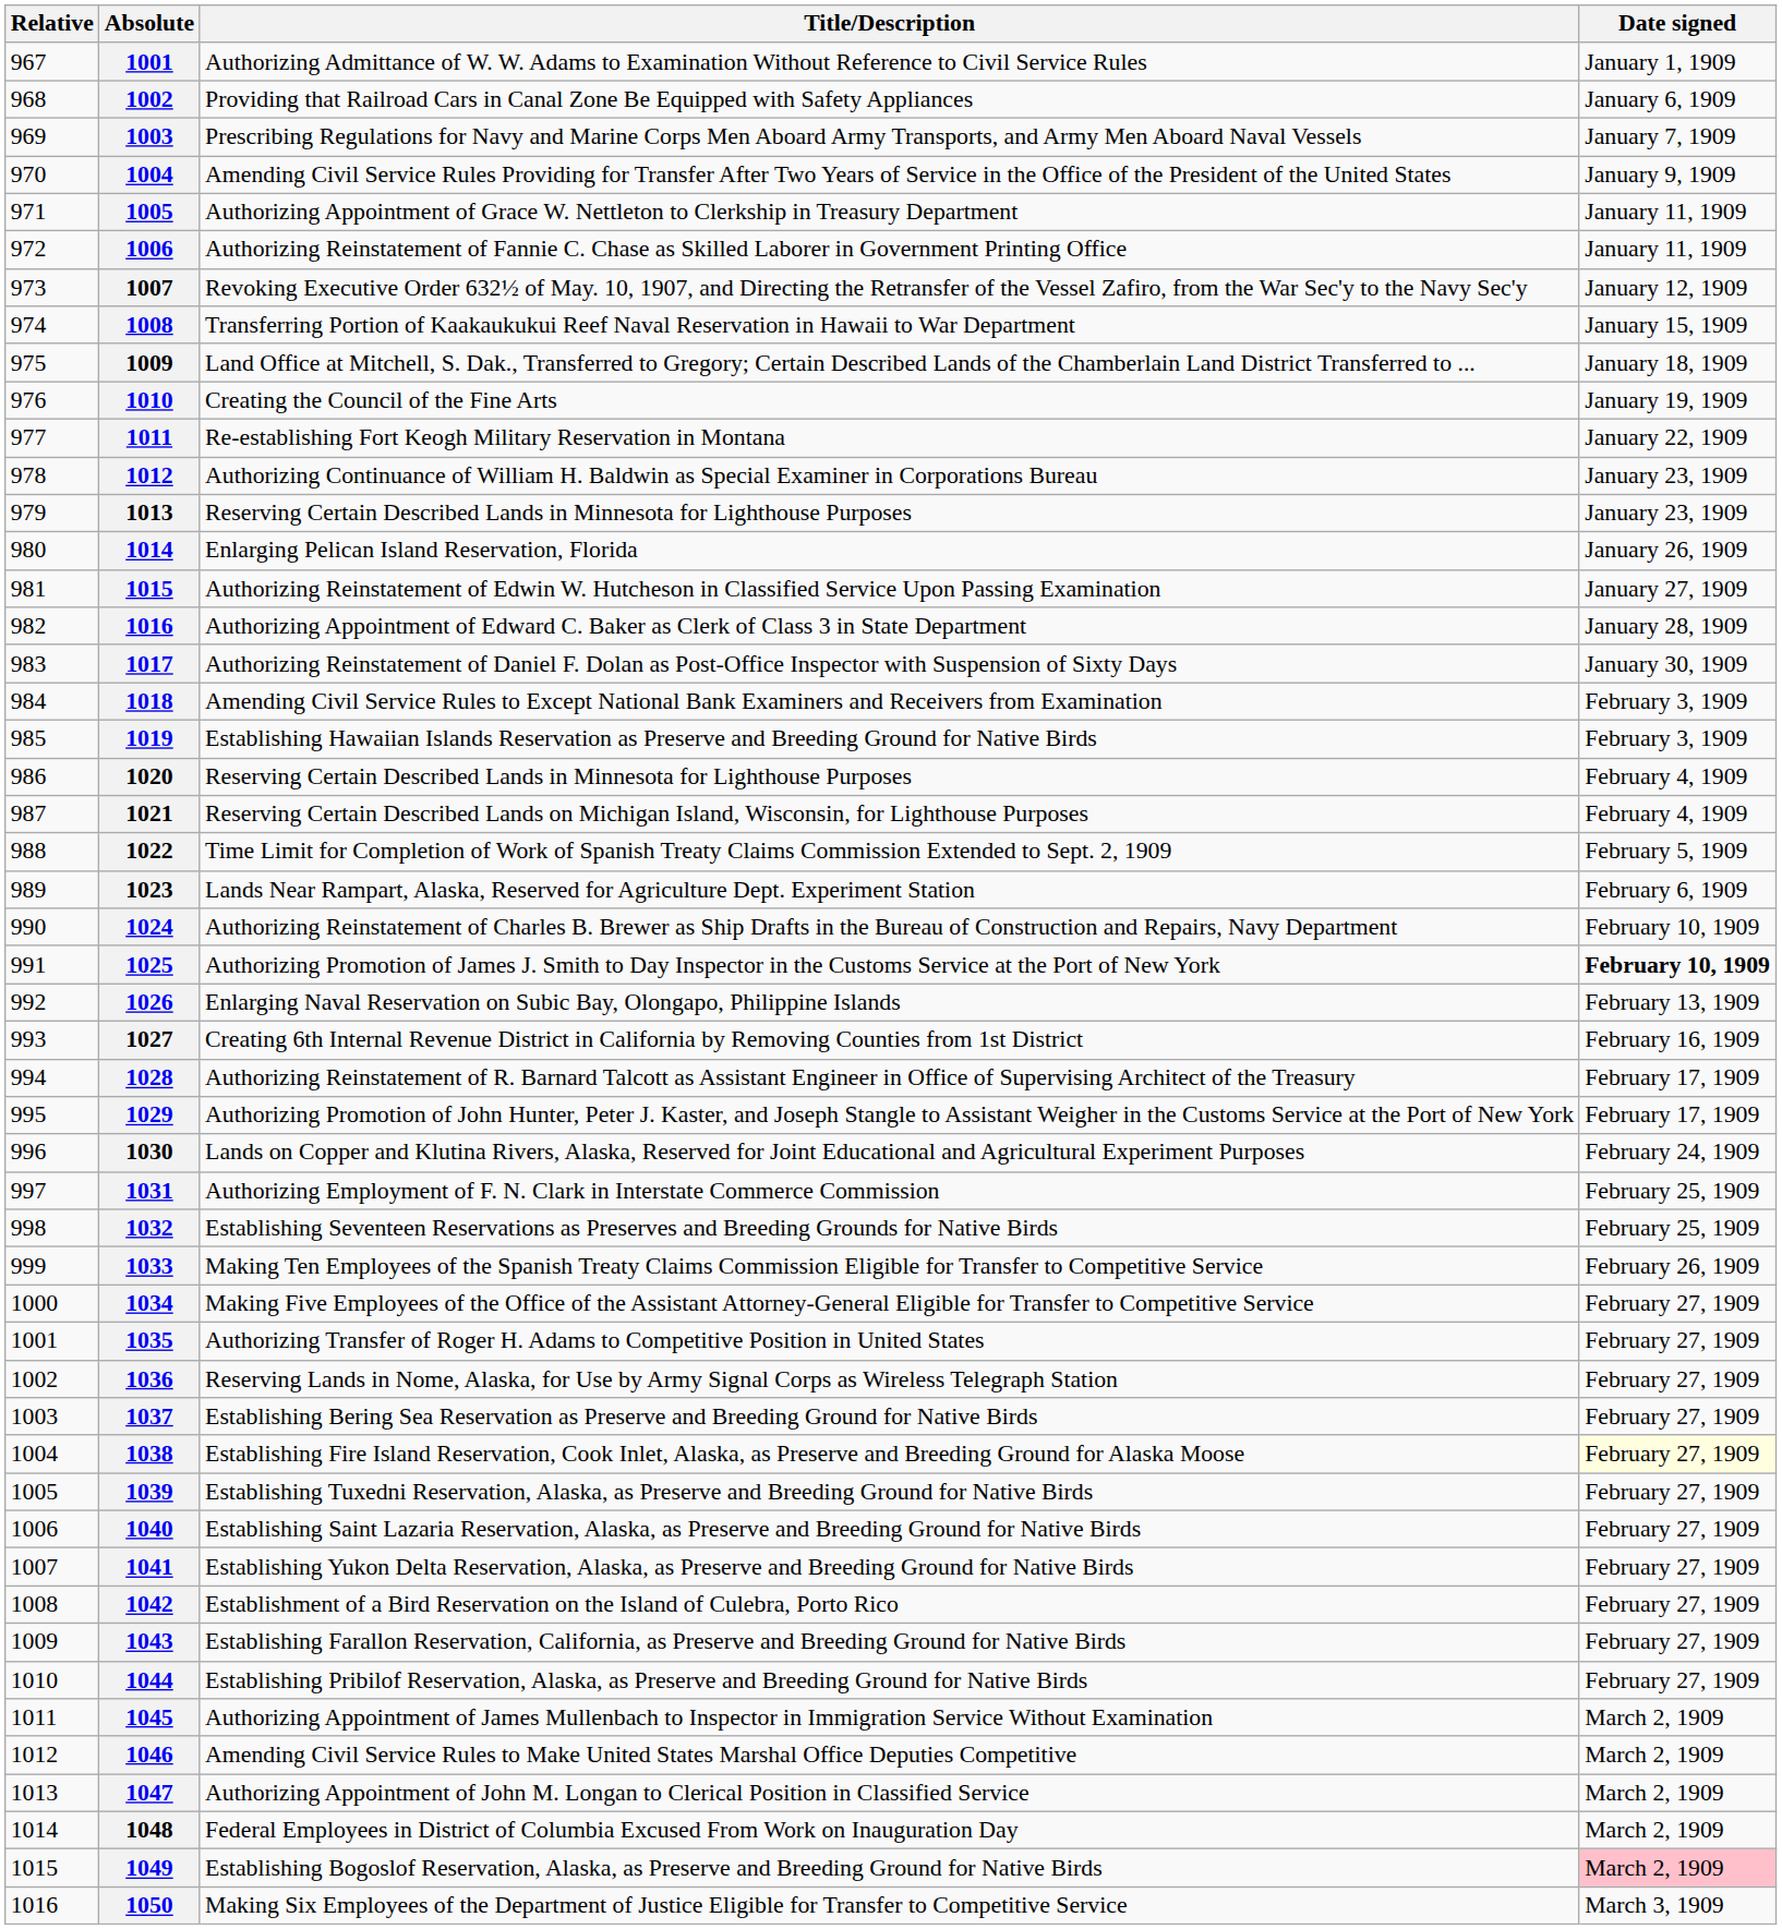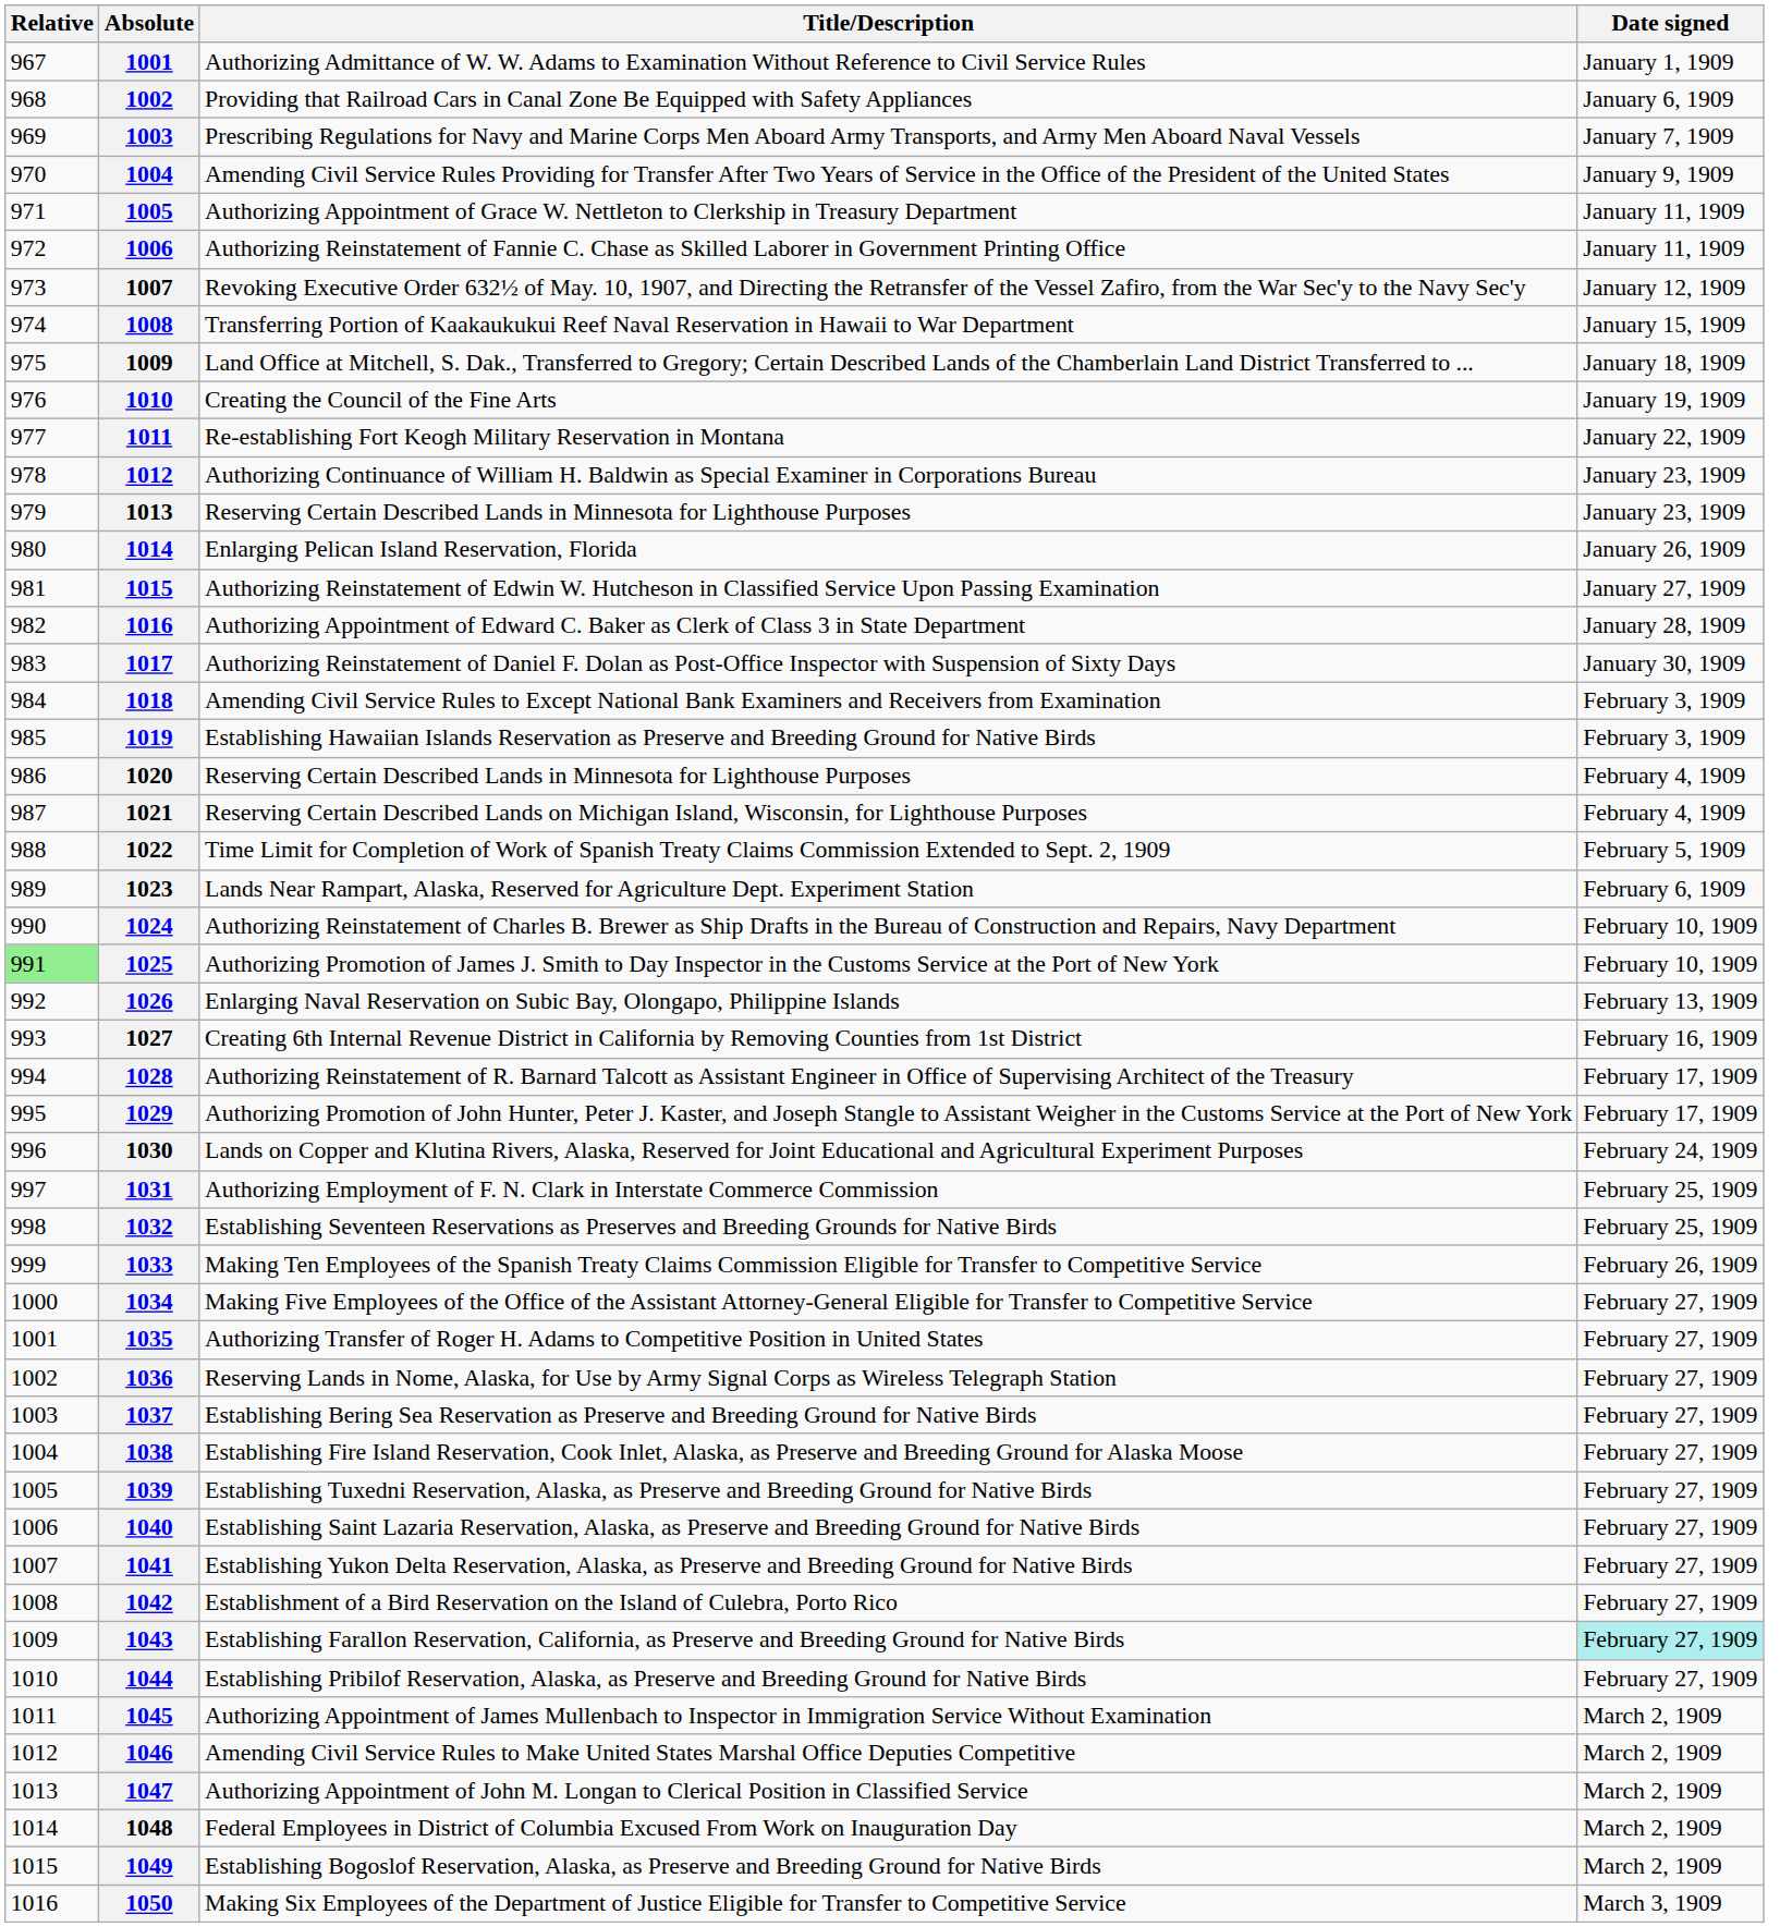 <table class="wikitable">
 <tr>
 <th>Relative </th>
 <th>Absolute </th>
 <th>Title/Description</th>
 <th>Date signed</th>
 </tr>
 <tr>
 <td>967</td>
 <th><a href='#'>1001</a></th>
 <td>Authorizing Admittance of W. W. Adams to Examination Without Reference to Civil Service Rules</td>
 <td>January 1, 1909</td>
 </tr>
 <tr>
 <td>968</td>
 <th><a href='#'>1002</a></th>
 <td>Providing that Railroad Cars in Canal Zone Be Equipped with Safety Appliances</td>
 <td>January 6, 1909</td>
 </tr>
 <tr>
 <td>969</td>
 <th><a href='#'>1003</a></th>
 <td>Prescribing Regulations for Navy and Marine Corps Men Aboard Army Transports, and Army Men Aboard Naval Vessels</td>
 <td>January 7, 1909</td>
 </tr>
 <tr>
 <td>970</td>
 <th><a href='#'>1004</a></th>
 <td>Amending Civil Service Rules Providing for Transfer After Two Years of Service in the Office of the President of the United States</td>
 <td>January 9, 1909</td>
 </tr>
 <tr>
 <td>971</td>
 <th><a href='#'>1005</a></th>
 <td>Authorizing Appointment of Grace W. Nettleton to Clerkship in Treasury Department</td>
 <td>January 11, 1909</td>
 </tr>
 <tr>
 <td>972</td>
 <th><a href='#'>1006</a></th>
 <td>Authorizing Reinstatement of Fannie C. Chase as Skilled Laborer in Government Printing Office</td>
 <td>January 11, 1909</td>
 </tr>
 <tr>
 <td>973</td>
 <th>1007</th>
 <td>Revoking Executive Order 632½ of May. 10, 1907, and Directing the Retransfer of the Vessel Zafiro, from the War Sec'y to the Navy Sec'y</td>
 <td>January 12, 1909</td>
 </tr>
 <tr>
 <td>974</td>
 <th><a href='#'>1008</a></th>
 <td>Transferring Portion of Kaakaukukui Reef Naval Reservation in Hawaii to War Department</td>
 <td>January 15, 1909</td>
 </tr>
 <tr>
 <td>975</td>
 <th>1009</th>
 <td>Land Office at Mitchell, S. Dak., Transferred to Gregory; Certain Described Lands of the Chamberlain Land District Transferred to ...</td>
 <td>January 18, 1909</td>
 </tr>
 <tr>
 <td>976</td>
 <th><a href='#'>1010</a></th>
 <td>Creating the Council of the Fine Arts</td>
 <td>January 19, 1909</td>
 </tr>
 <tr>
 <td>977</td>
 <th><a href='#'>1011</a></th>
 <td>Re-establishing Fort Keogh Military Reservation in Montana</td>
 <td>January 22, 1909</td>
 </tr>
 <tr>
 <td>978</td>
 <th><a href='#'>1012</a></th>
 <td>Authorizing Continuance of William H. Baldwin as Special Examiner in Corporations Bureau</td>
 <td>January 23, 1909</td>
 </tr>
 <tr>
 <td>979</td>
 <th>1013</th>
 <td>Reserving Certain Described Lands in Minnesota for Lighthouse Purposes</td>
 <td>January 23, 1909</td>
 </tr>
 <tr>
 <td>980</td>
 <th><a href='#'>1014</a></th>
 <td>Enlarging Pelican Island Reservation, Florida</td>
 <td>January 26, 1909</td>
 </tr>
 <tr>
 <td>981</td>
 <th><a href='#'>1015</a></th>
 <td>Authorizing Reinstatement of Edwin W. Hutcheson in Classified Service Upon Passing Examination</td>
 <td>January 27, 1909</td>
 </tr>
 <tr>
 <td>982</td>
 <th><a href='#'>1016</a></th>
 <td>Authorizing Appointment of Edward C. Baker as Clerk of Class 3 in State Department</td>
 <td>January 28, 1909</td>
 </tr>
 <tr>
 <td>983</td>
 <th><a href='#'>1017</a></th>
 <td>Authorizing Reinstatement of Daniel F. Dolan as Post-Office Inspector with Suspension of Sixty Days</td>
 <td>January 30, 1909</td>
 </tr>
 <tr>
 <td>984</td>
 <th><a href='#'>1018</a></th>
 <td>Amending Civil Service Rules to Except National Bank Examiners and Receivers from Examination</td>
 <td>February 3, 1909</td>
 </tr>
 <tr>
 <td>985</td>
 <th><a href='#'>1019</a></th>
 <td>Establishing Hawaiian Islands Reservation as Preserve and Breeding Ground for Native Birds</td>
 <td>February 3, 1909</td>
 </tr>
 <tr>
 <td>986</td>
 <th>1020</th>
 <td>Reserving Certain Described Lands in Minnesota for Lighthouse Purposes</td>
 <td>February 4, 1909</td>
 </tr>
 <tr>
 <td>987</td>
 <th>1021</th>
 <td>Reserving Certain Described Lands on Michigan Island, Wisconsin, for Lighthouse Purposes</td>
 <td>February 4, 1909</td>
 </tr>
 <tr>
 <td>988</td>
 <th>1022</th>
 <td>Time Limit for Completion of Work of Spanish Treaty Claims Commission Extended to Sept. 2, 1909</td>
 <td>February 5, 1909</td>
 </tr>
 <tr>
 <td>989</td>
 <th>1023</th>
 <td>Lands Near Rampart, Alaska, Reserved for Agriculture Dept. Experiment Station</td>
 <td>February 6, 1909</td>
 </tr>
 <tr>
 <td>990</td>
 <th><a href='#'>1024</a></th>
 <td>Authorizing Reinstatement of Charles B. Brewer as Ship Drafts in the Bureau of Construction and Repairs, Navy Department</td>
 <td>February 10, 1909</td>
 </tr>
 <tr>
-<td>991</td>
+<td style="background: lightgreen;">991</td>
 <th><a href='#'>1025</a></th>
 <td>Authorizing Promotion of James J. Smith to Day Inspector in the Customs Service at the Port of New York</td>
-<td><strong>February 10, 1909</strong></td>
+<td>February 10, 1909</td>
 </tr>
 <tr>
 <td>992</td>
 <th><a href='#'>1026</a></th>
 <td>Enlarging Naval Reservation on Subic Bay, Olongapo, Philippine Islands</td>
 <td>February 13, 1909</td>
 </tr>
 <tr>
 <td>993</td>
 <th>1027</th>
 <td>Creating 6th Internal Revenue District in California by Removing Counties from 1st District</td>
 <td>February 16, 1909</td>
 </tr>
 <tr>
 <td>994</td>
 <th><a href='#'>1028</a></th>
 <td>Authorizing Reinstatement of R. Barnard Talcott as Assistant Engineer in Office of Supervising Architect of the Treasury</td>
 <td>February 17, 1909</td>
 </tr>
 <tr>
 <td>995</td>
 <th><a href='#'>1029</a></th>
 <td>Authorizing Promotion of John Hunter, Peter J. Kaster, and Joseph Stangle to Assistant Weigher in the Customs Service at the Port of New York</td>
 <td>February 17, 1909</td>
 </tr>
 <tr>
 <td>996</td>
 <th>1030</th>
 <td>Lands on Copper and Klutina Rivers, Alaska, Reserved for Joint Educational and Agricultural Experiment Purposes</td>
 <td>February 24, 1909</td>
 </tr>
 <tr>
 <td>997</td>
 <th><a href='#'>1031</a></th>
 <td>Authorizing Employment of F. N. Clark in Interstate Commerce Commission</td>
 <td>February 25, 1909</td>
 </tr>
 <tr>
 <td>998</td>
 <th><a href='#'>1032</a></th>
 <td>Establishing Seventeen Reservations as Preserves and Breeding Grounds for Native Birds</td>
 <td>February 25, 1909</td>
 </tr>
 <tr>
 <td>999</td>
 <th><a href='#'>1033</a></th>
 <td>Making Ten Employees of the Spanish Treaty Claims Commission Eligible for Transfer to Competitive Service</td>
 <td>February 26, 1909</td>
 </tr>
 <tr>
 <td>1000</td>
 <th><a href='#'>1034</a></th>
 <td>Making Five Employees of the Office of the Assistant Attorney-General Eligible for Transfer to Competitive Service</td>
 <td>February 27, 1909</td>
 </tr>
 <tr>
 <td>1001</td>
 <th><a href='#'>1035</a></th>
 <td>Authorizing Transfer of Roger H. Adams to Competitive Position in United States</td>
 <td>February 27, 1909</td>
 </tr>
 <tr>
 <td>1002</td>
 <th><a href='#'>1036</a></th>
 <td>Reserving Lands in Nome, Alaska, for Use by Army Signal Corps as Wireless Telegraph Station</td>
 <td>February 27, 1909</td>
 </tr>
 <tr>
 <td>1003</td>
 <th><a href='#'>1037</a></th>
 <td>Establishing Bering Sea Reservation as Preserve and Breeding Ground for Native Birds</td>
 <td>February 27, 1909</td>
 </tr>
 <tr>
 <td>1004</td>
 <th><a href='#'>1038</a></th>
 <td>Establishing Fire Island Reservation, Cook Inlet, Alaska, as Preserve and Breeding Ground for Alaska Moose</td>
-<td style="background: lightyellow;">February 27, 1909</td>
+<td>February 27, 1909</td>
 </tr>
 <tr>
 <td>1005</td>
 <th><a href='#'>1039</a></th>
 <td>Establishing Tuxedni Reservation, Alaska, as Preserve and Breeding Ground for Native Birds</td>
 <td>February 27, 1909</td>
 </tr>
 <tr>
 <td>1006</td>
 <th><a href='#'>1040</a></th>
 <td>Establishing Saint Lazaria Reservation, Alaska, as Preserve and Breeding Ground for Native Birds</td>
 <td>February 27, 1909</td>
 </tr>
 <tr>
 <td>1007</td>
 <th><a href='#'>1041</a></th>
 <td>Establishing Yukon Delta Reservation, Alaska, as Preserve and Breeding Ground for Native Birds</td>
 <td>February 27, 1909</td>
 </tr>
 <tr>
 <td>1008</td>
 <th><a href='#'>1042</a></th>
 <td>Establishment of a Bird Reservation on the Island of Culebra, Porto Rico</td>
 <td>February 27, 1909</td>
 </tr>
 <tr>
 <td>1009</td>
 <th><a href='#'>1043</a></th>
 <td>Establishing Farallon Reservation, California, as Preserve and Breeding Ground for Native Birds</td>
-<td>February 27, 1909</td>
+<td style="background: paleturquoise;">February 27, 1909</td>
 </tr>
 <tr>
 <td>1010</td>
 <th><a href='#'>1044</a></th>
 <td>Establishing Pribilof Reservation, Alaska, as Preserve and Breeding Ground for Native Birds</td>
 <td>February 27, 1909</td>
 </tr>
 <tr>
 <td>1011</td>
 <th><a href='#'>1045</a></th>
 <td>Authorizing Appointment of James Mullenbach to Inspector in Immigration Service Without Examination</td>
 <td>March 2, 1909</td>
 </tr>
 <tr>
 <td>1012</td>
 <th><a href='#'>1046</a></th>
 <td>Amending Civil Service Rules to Make United States Marshal Office Deputies Competitive</td>
 <td>March 2, 1909</td>
 </tr>
 <tr>
 <td>1013</td>
 <th><a href='#'>1047</a></th>
 <td>Authorizing Appointment of John M. Longan to Clerical Position in Classified Service</td>
 <td>March 2, 1909</td>
 </tr>
 <tr>
 <td>1014</td>
 <th>1048</th>
 <td>Federal Employees in District of Columbia Excused From Work on Inauguration Day</td>
 <td>March 2, 1909</td>
 </tr>
 <tr>
 <td>1015</td>
 <th><a href='#'>1049</a></th>
 <td>Establishing Bogoslof Reservation, Alaska, as Preserve and Breeding Ground for Native Birds</td>
-<td style="background: pink;">March 2, 1909</td>
+<td>March 2, 1909</td>
 </tr>
 <tr>
 <td>1016</td>
 <th><a href='#'>1050</a></th>
 <td>Making Six Employees of the Department of Justice Eligible for Transfer to Competitive Service</td>
 <td>March 3, 1909</td>
 </tr>
 </table>
